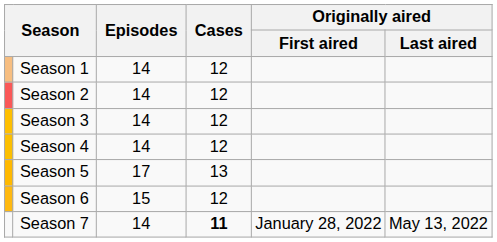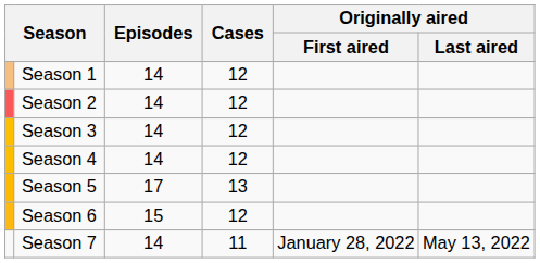 <table class="wikitable" style="text-align: center;">
 <tr>
 <th style="padding: 0 16px;" colspan="2" rowspan="2">Season</th>
 <th style="padding: 0 8px;" rowspan="2">Episodes</th>
 <th style="padding: 0 8px;" rowspan="2">Cases</th>
 <th colspan="2">Originally aired</th>
 </tr>
 <tr>
 <th style="padding: 0 12px;">First aired</th>
 <th>Last aired</th>
 </tr>
 <tr>
 <td style="background:#F7BE81; height:10px;"></td>
 <td>Season 1</td>
 <td>14</td>
 <td>12</td>
 <td></td>
 <td></td>
 </tr>
 <tr>
 <td style="background:#FA5858; height:10px;"></td>
 <td>Season 2</td>
 <td>14</td>
 <td>12</td>
 <td></td>
 <td></td>
 </tr>
 <tr>
 <td style="background:#FEBF00; height:10px;"></td>
 <td>Season 3</td>
 <td>14</td>
 <td>12</td>
 <td></td>
 <td></td>
 </tr>
 <tr>
 <td style="background:#FCBF00; height:10px;"></td>
 <td>Season 4</td>
 <td>14</td>
 <td>12</td>
 <td></td>
 <td></td>
 </tr>
 <tr>
 <td style="background:#FFB900; height:10px;"></td>
 <td>Season 5</td>
 <td>17</td>
 <td>13</td>
 <td></td>
 <td></td>
 </tr>
 <tr>
 <td style="background:#FFB910; height:10px;"></td>
 <td>Season 6</td>
 <td>15</td>
 <td>12</td>
 <td></td>
 <td></td>
 </tr>
 <tr>
 <td></td>
 <td>Season 7</td>
 <td>14</td>
-<td><strong>11</strong></td>
+<td>11</td>
 <td>January 28, 2022</td>
 <td>May 13, 2022</td>
 </tr>
 </table>
